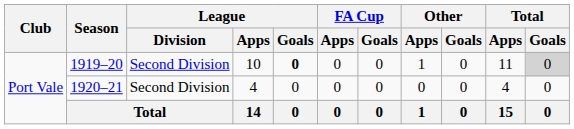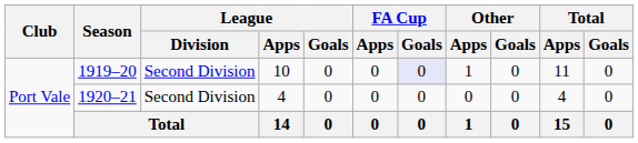 <table class="wikitable" style="text-align:center">
 <tr>
 <th rowspan="2">Club</th>
 <th rowspan="2">Season</th>
 <th colspan="3">League</th>
 <th colspan="2"><a href='#'>FA Cup</a></th>
 <th colspan="2">Other</th>
 <th colspan="2">Total</th>
 </tr>
 <tr>
 <th>Division</th>
 <th>Apps</th>
 <th>Goals</th>
 <th>Apps</th>
 <th>Goals</th>
 <th>Apps</th>
 <th>Goals</th>
 <th>Apps</th>
 <th>Goals</th>
 </tr>
 <tr>
 <td rowspan="3"><a href='#'>Port Vale</a></td>
 <td><a href='#'>1919–20</a></td>
 <td><a href='#'>Second Division</a></td>
 <td>10</td>
-<td><strong>0</strong></td>
 <td>0</td>
 <td>0</td>
+<td style="background: lavender;">0</td>
 <td>1</td>
 <td>0</td>
 <td>11</td>
-<td style="background: lightgrey;">0</td>
+<td>0</td>
 </tr>
 <tr>
 <td><a href='#'>1920–21</a></td>
 <td>Second Division</td>
 <td>4</td>
 <td>0</td>
 <td>0</td>
 <td>0</td>
 <td>0</td>
 <td>0</td>
 <td>4</td>
 <td>0</td>
 </tr>
 <tr>
 <th colspan="2">Total</th>
 <th>14</th>
 <th>0</th>
 <th>0</th>
 <th>0</th>
 <th>1</th>
 <th>0</th>
 <th>15</th>
 <th>0</th>
 </tr>
 </table>
